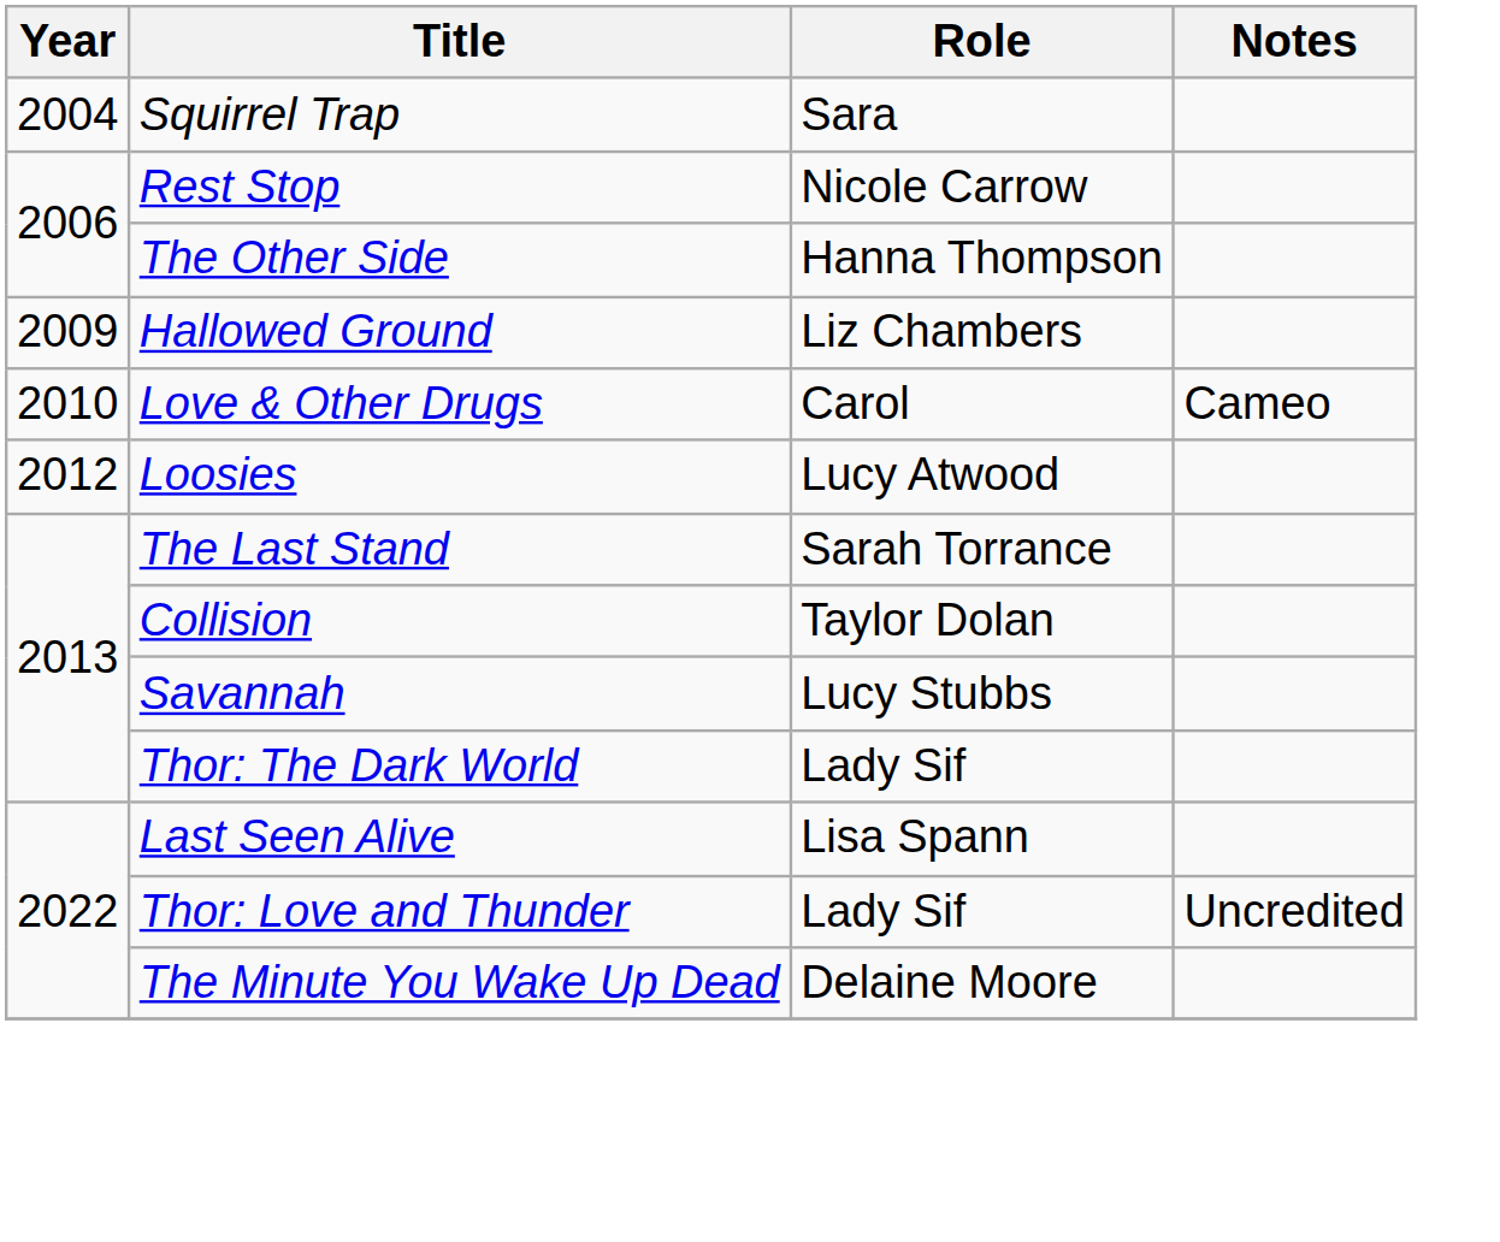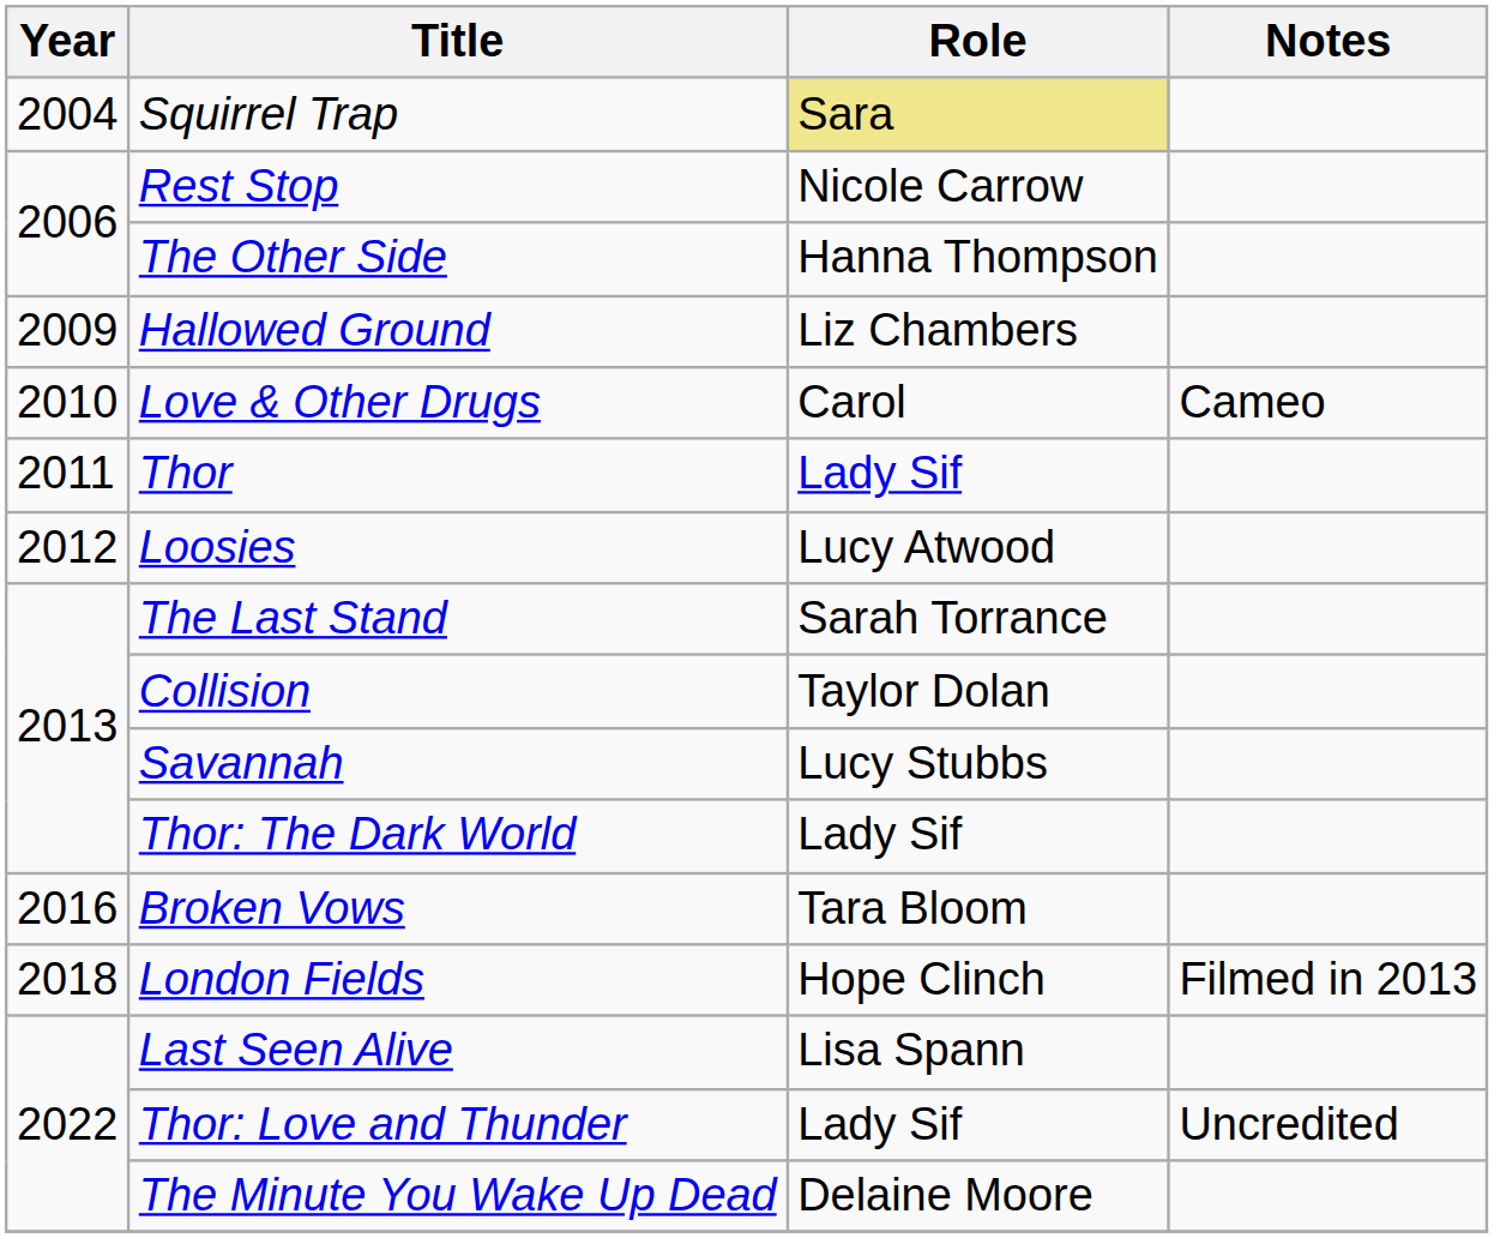 <table class="wikitable sortable">
 <tr>
 <th>Year</th>
 <th>Title</th>
 <th>Role</th>
 <th>Notes</th>
 </tr>
 <tr>
 <td>2004</td>
 <td><em>Squirrel Trap</em></td>
-<td>Sara</td>
+<td style="background: khaki;">Sara</td>
 <td></td>
 </tr>
 <tr>
 <td rowspan="2">2006</td>
 <td><em><a href='#'>Rest Stop</a></em></td>
 <td>Nicole Carrow</td>
 <td></td>
 </tr>
 <tr>
 <td data-sort-value="Other Side, The"><em><a href='#'>The Other Side</a></em></td>
 <td>Hanna Thompson</td>
 <td></td>
 </tr>
 <tr>
 <td>2009</td>
 <td><em><a href='#'>Hallowed Ground</a></em></td>
 <td>Liz Chambers</td>
 <td></td>
 </tr>
 <tr>
 <td>2010</td>
 <td><em><a href='#'>Love & Other Drugs</a></em></td>
 <td>Carol</td>
 <td>Cameo</td>
+</tr>
+<tr>
+<td>2011</td>
+<td><em><a href='#'>Thor</a></em></td>
+<td><a href='#'>Lady Sif</a></td>
+<td></td>
 </tr>
 <tr>
 <td>2012</td>
 <td><em><a href='#'>Loosies</a></em></td>
 <td>Lucy Atwood</td>
 <td></td>
 </tr>
 <tr>
 <td rowspan="4">2013</td>
 <td data-sort-value="Last Stand, The"><em><a href='#'>The Last Stand</a></em></td>
 <td>Sarah Torrance</td>
 <td></td>
 </tr>
 <tr>
 <td><em><a href='#'>Collision</a></em></td>
 <td>Taylor Dolan</td>
 <td></td>
 </tr>
 <tr>
 <td><em><a href='#'>Savannah</a></em></td>
 <td>Lucy Stubbs</td>
 <td></td>
 </tr>
 <tr>
 <td><em><a href='#'>Thor: The Dark World</a></em></td>
 <td>Lady Sif</td>
 <td></td>
 </tr>
 <tr>
+<td>2016</td>
+<td><em><a href='#'>Broken Vows</a></em></td>
+<td>Tara Bloom</td>
+<td></td>
+</tr>
+<tr>
+<td>2018</td>
+<td><em><a href='#'>London Fields</a></em></td>
+<td>Hope Clinch</td>
+<td>Filmed in 2013</td>
+</tr>
+<tr>
 <td rowspan="3">2022</td>
 <td><em><a href='#'>Last Seen Alive</a></em></td>
 <td>Lisa Spann</td>
 <td></td>
 </tr>
 <tr>
 <td><em><a href='#'>Thor: Love and Thunder</a></em></td>
 <td>Lady Sif</td>
 <td>Uncredited</td>
 </tr>
 <tr>
 <td data-sort-value="Minute You Wake Up Dead, The"><em><a href='#'>The Minute You Wake Up Dead</a></em></td>
 <td>Delaine Moore</td>
 <td></td>
 </tr>
 <tr>
 </tr>
 </table>
